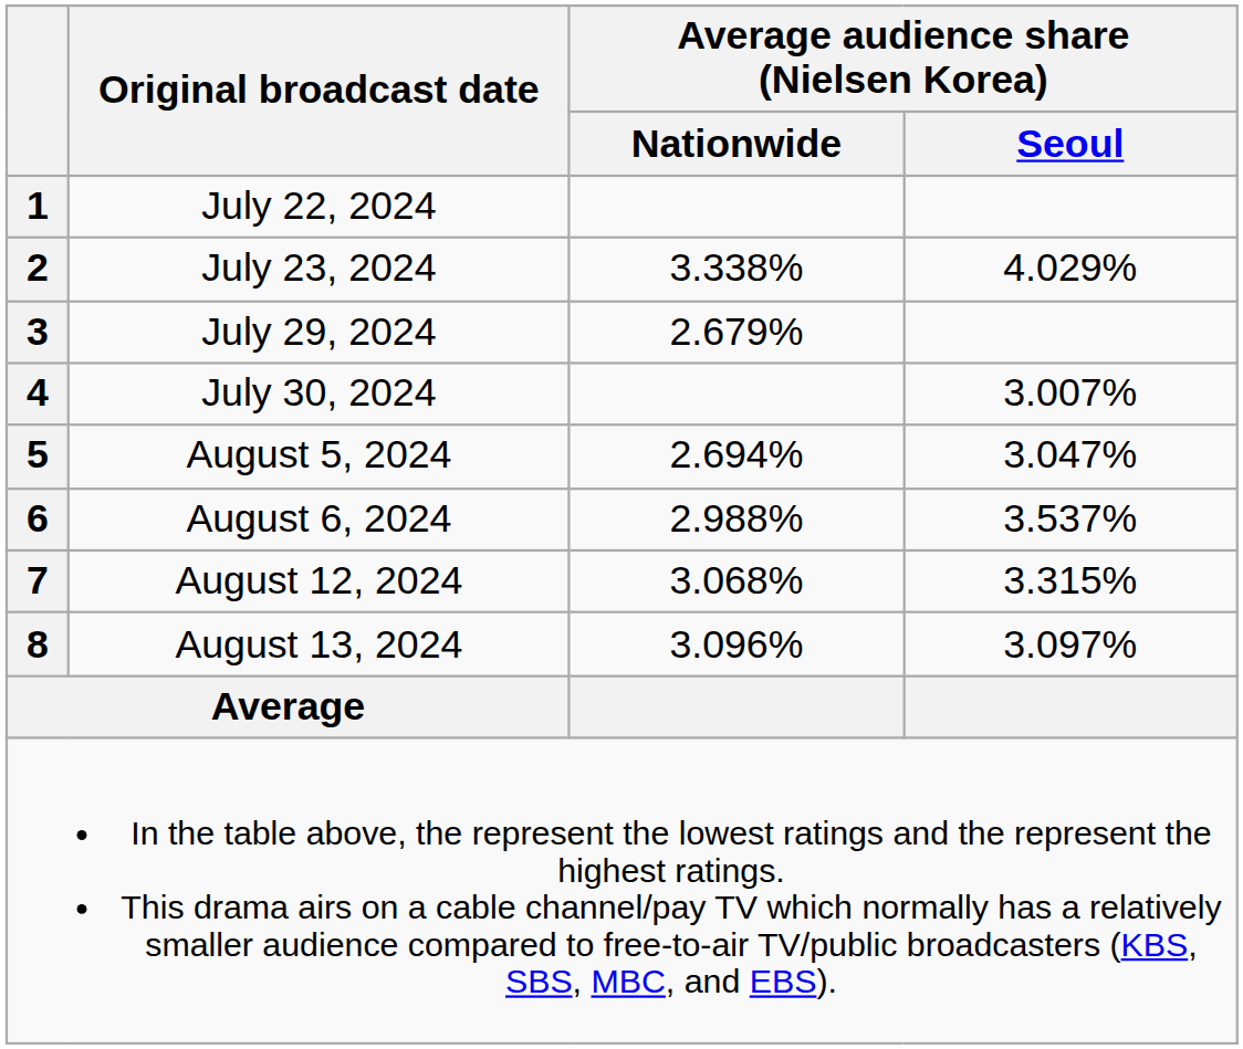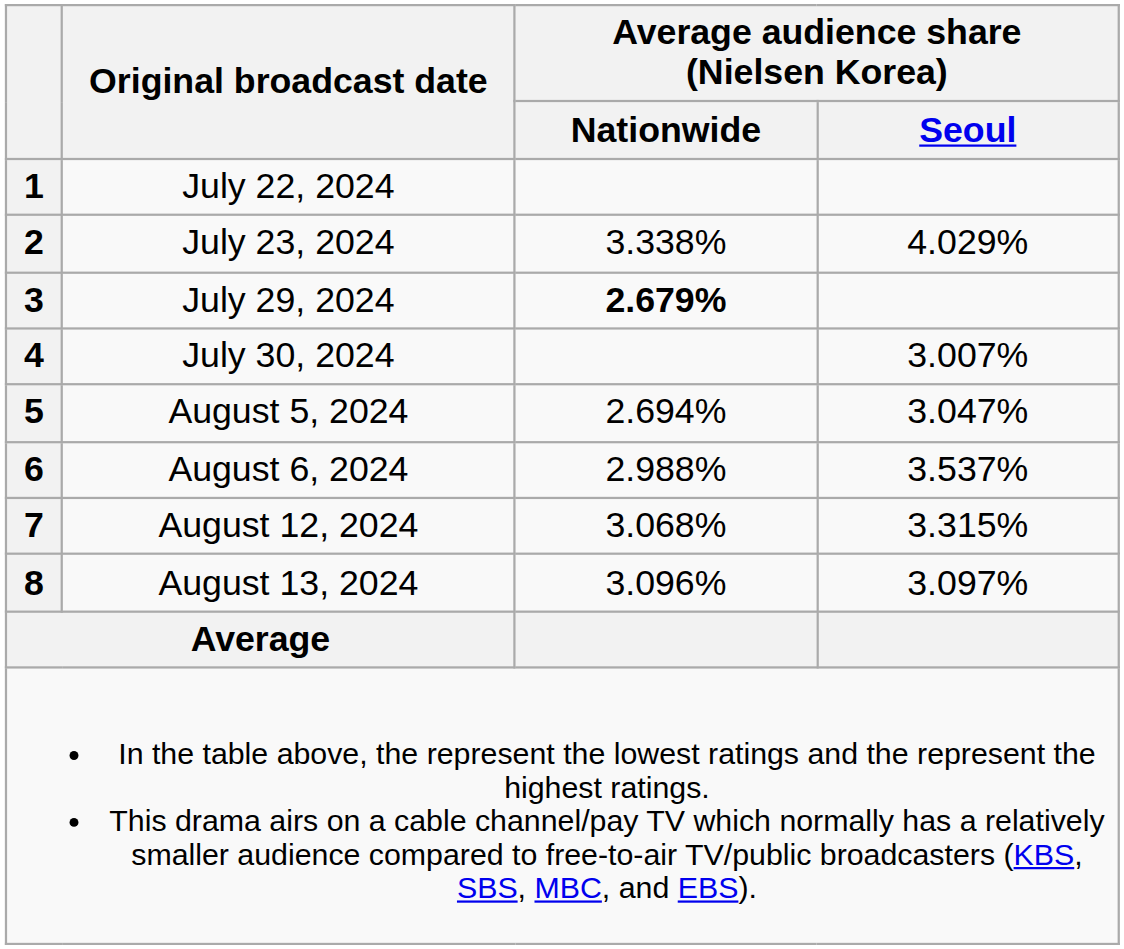 <table class="wikitable" style="margin-left:auto; margin-right:auto; width:500px; text-align:center">
 <tr>
 <th scope="col" rowspan="2"></th>
 <th scope="col" rowspan="2">Original broadcast date</th>
 <th scope="col" colspan="2">Average audience share<br>(Nielsen Korea)</th>
 </tr>
 <tr>
 <th scope="col" style="width:8em">Nationwide</th>
 <th scope="col" style="width:8em"><a href='#'>Seoul</a></th>
 </tr>
 <tr>
 <th scope="row">1</th>
 <td>July 22, 2024</td>
 <td><strong></strong> </td>
 <td><strong></strong> </td>
 </tr>
 <tr>
 <th scope="row">2</th>
 <td>July 23, 2024</td>
 <td>3.338% </td>
 <td>4.029% </td>
 </tr>
 <tr>
 <th scope="row">3</th>
 <td>July 29, 2024</td>
-<td>2.679% </td>
+<td><strong>2.679% </strong></td>
 <td><strong></strong> </td>
 </tr>
 <tr>
 <th scope="row">4</th>
 <td>July 30, 2024</td>
 <td><strong></strong> </td>
 <td>3.007% </td>
 </tr>
 <tr>
 <th scope="row">5</th>
 <td>August 5, 2024</td>
 <td>2.694% </td>
 <td>3.047% </td>
 </tr>
 <tr>
 <th scope="row">6</th>
 <td>August 6, 2024</td>
 <td>2.988% </td>
 <td>3.537% </td>
 </tr>
 <tr>
 <th scope="row">7</th>
 <td>August 12, 2024</td>
 <td>3.068% </td>
 <td>3.315% </td>
 </tr>
 <tr>
 <th scope="row">8</th>
 <td>August 13, 2024</td>
 <td>3.096% </td>
 <td>3.097% </td>
 </tr>
 <tr>
 <th scope="col" colspan="2">Average</th>
 <th scope="col"></th>
 <th scope="col"></th>
 </tr>
 <tr>
 <td colspan="4" style="font-size:85%"><br><ul><li>In the table above, the <strong></strong> represent the lowest ratings and the <strong></strong> represent the highest ratings.</li><li>This drama airs on a cable channel/pay TV which normally has a relatively smaller audience compared to free-to-air TV/public broadcasters (<a href='#'>KBS</a>, <a href='#'>SBS</a>, <a href='#'>MBC</a>, and <a href='#'>EBS</a>).</li></ul></td>
 </tr>
 </table>
